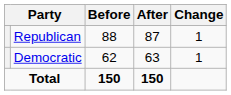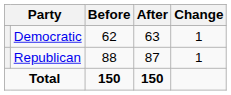 <table class="wikitable" style="text-align:center;">
 <tr>
 <th colspan="2">Party</th>
 <th>Before</th>
 <th>After</th>
 <th>Change</th>
 </tr>
 <tr>
 <th style="background-color:"></th>
-<td style="text-align:left;"><a href='#'>Republican</a></td>
-<td>88</td>
-<td>87</td>
+<td style="text-align:left;"><a href='#'>Democratic</a></td>
+<td>62</td>
+<td>63</td>
 <td> 1</td>
 </tr>
 <tr>
 <th style="background-color:"></th>
-<td style="text-align:left;"><a href='#'>Democratic</a></td>
-<td>62</td>
-<td>63</td>
+<td style="text-align:left;"><a href='#'>Republican</a></td>
+<td>88</td>
+<td>87</td>
 <td> 1</td>
 </tr>
 <tr>
 <td colspan="2"><strong>Total</strong></td>
 <td><strong>150</strong></td>
 <td><strong>150</strong></td>
 <td></td>
 </tr>
 </table>
